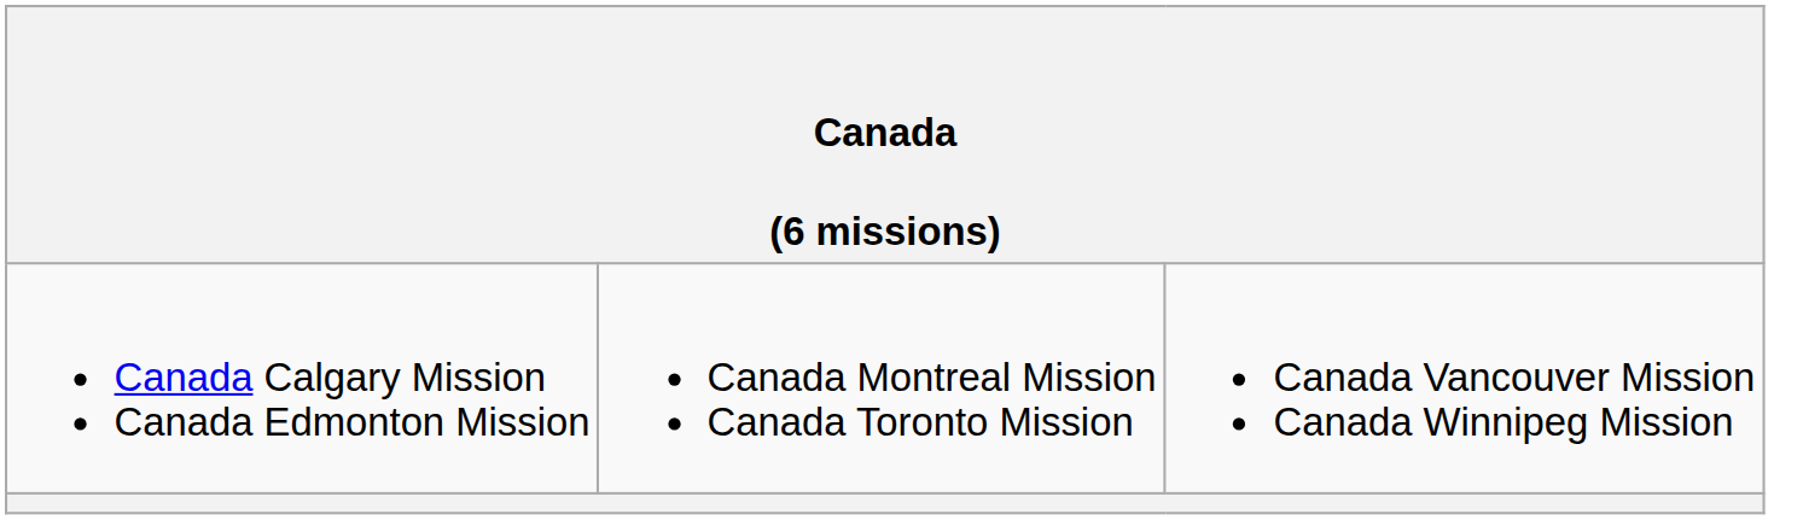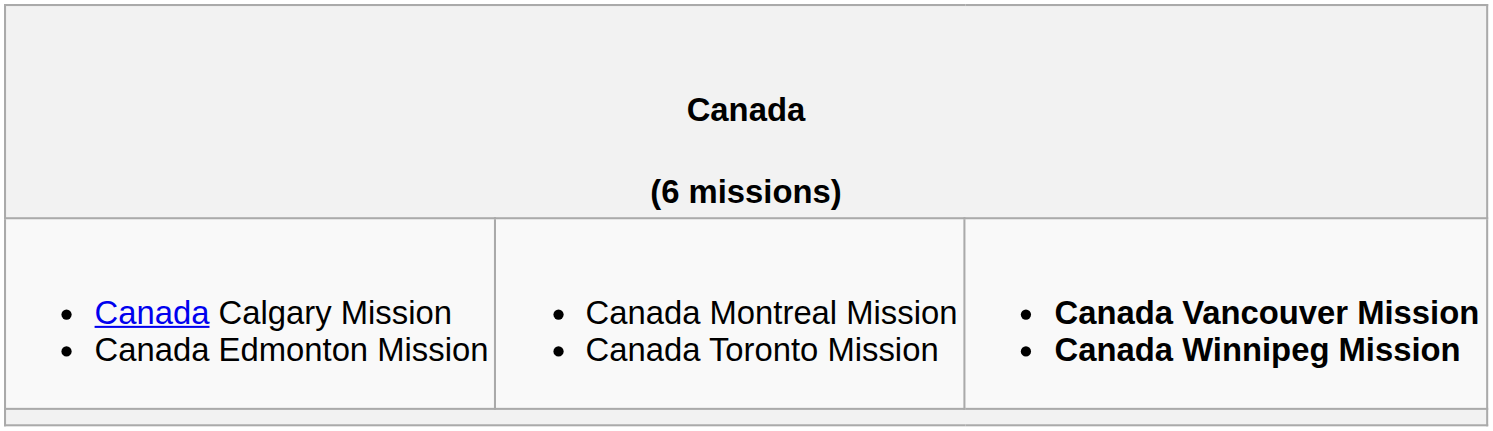 <table class="wikitable mw-collapsible">
 <tr>
 <th colspan=3><br><h4>Canada</h4>(6 missions)</th>
 </tr>
 <tr>
 <td valign="top"><br><ul><li><a href='#'>Canada</a> Calgary Mission</li><li>Canada Edmonton Mission</li></ul></td>
 <td valign="top"><br><ul><li>Canada Montreal Mission</li><li>Canada Toronto Mission</li></ul></td>
-<td valign="top"><br><ul><li>Canada Vancouver Mission</li><li>Canada Winnipeg Mission</li></ul></td>
+<td valign="top"><strong><br><ul><li>Canada Vancouver Mission</li><li>Canada Winnipeg Mission</li></ul></strong></td>
 </tr>
 <tr>
 <th colspan=3></th>
 </tr>
 </table>
